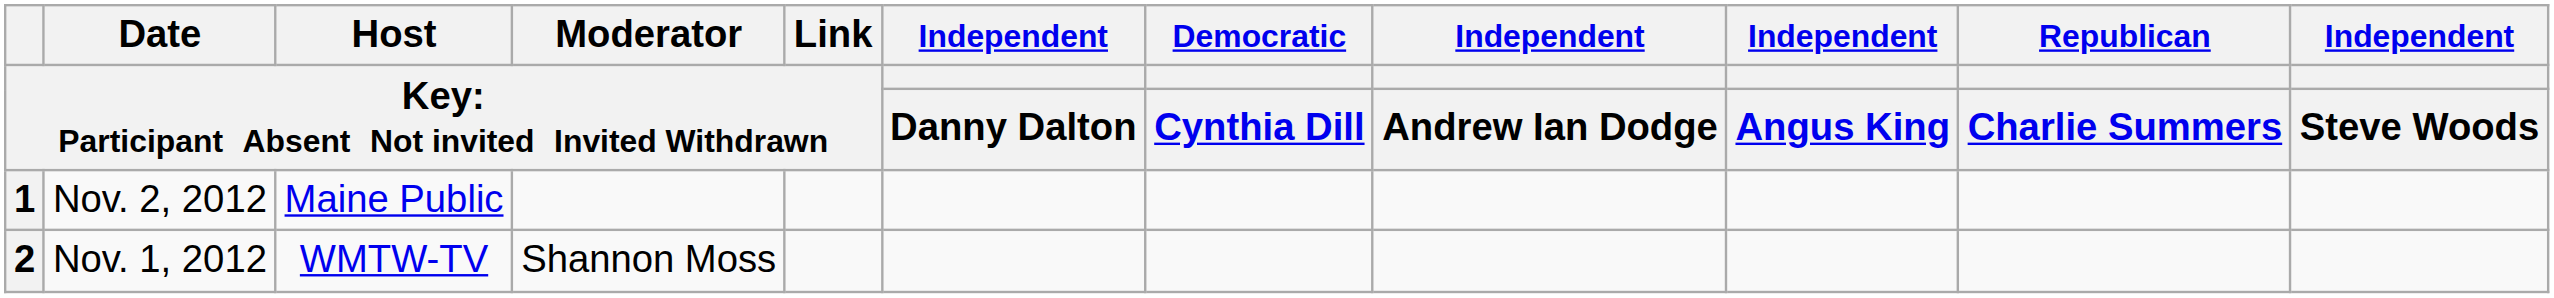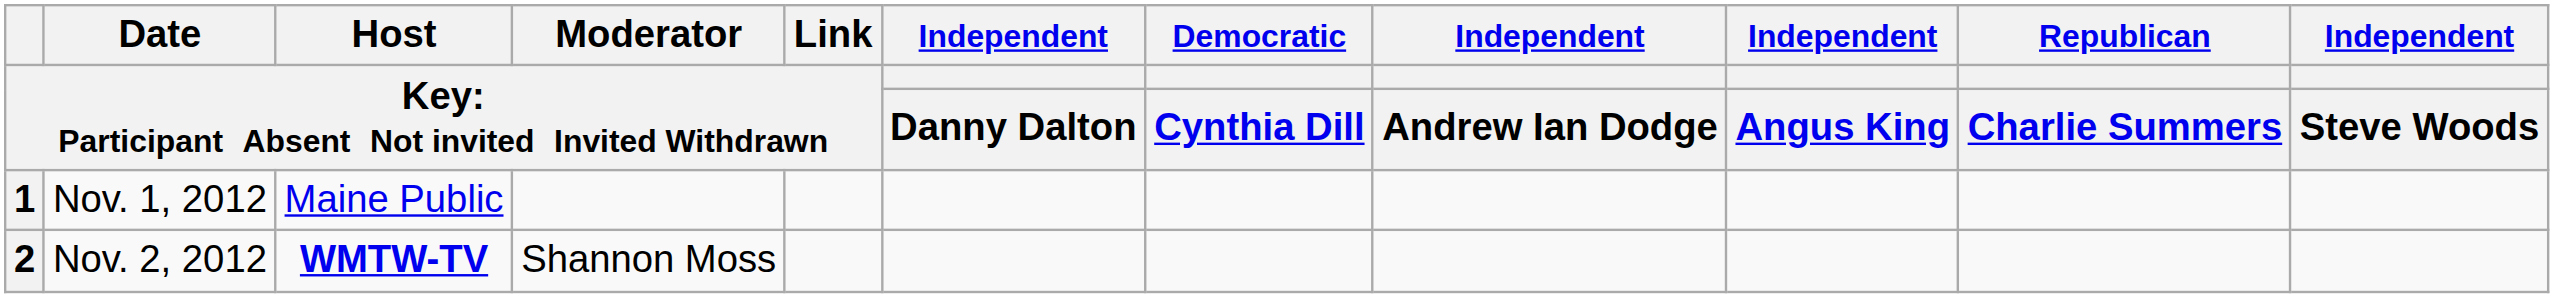 <table class="wikitable" style="text-align:center;">
 <tr>
 <th scope="col"></th>
 <th scope="col">Date</th>
 <th scope="col">Host</th>
 <th scope="col">Moderator</th>
 <th scope="col">Link</th>
 <th scope="col"><small><a href='#'>Independent</a></small></th>
 <th scope="col"><small><a href='#'>Democratic</a></small></th>
 <th scope="col"><small><a href='#'>Independent</a></small></th>
 <th scope="col"><small><a href='#'>Independent</a></small></th>
 <th scope="col"><small><a href='#'>Republican</a></small></th>
 <th scope="col"><small><a href='#'>Independent</a></small></th>
 </tr>
 <tr>
 <th colspan="5" rowspan="2">Key:<br> <small>Participant </small>  <small>Absent </small>  <small>Not invited </small>  <small>Invited  Withdrawn</small></th>
 <th scope="col" style="background:"></th>
 <th scope="col" style="background:"></th>
 <th scope="col" style="background:"></th>
 <th scope="col" style="background:"></th>
 <th scope="col" style="background:"></th>
 <th scope="col" style="background:"></th>
 </tr>
 <tr>
 <th scope="col">Danny Dalton</th>
 <th scope="col"><a href='#'>Cynthia Dill</a></th>
 <th scope="col">Andrew Ian Dodge</th>
 <th scope="col"><a href='#'>Angus King</a></th>
 <th scope="col"><a href='#'>Charlie Summers</a></th>
 <th scope="col">Steve Woods</th>
 </tr>
 <tr>
 <th>1</th>
-<td style="white-space:nowrap;">Nov. 2, 2012</td>
+<td style="white-space:nowrap;">Nov. 1, 2012</td>
 <td style="white-space:nowrap;"><a href='#'>Maine Public</a></td>
 <td style="white-space:nowrap;"></td>
 <td style="white-space:nowrap;"></td>
 <td></td>
 <td></td>
 <td></td>
 <td></td>
 <td></td>
 <td></td>
 </tr>
 <tr>
 <th>2</th>
-<td style="white-space:nowrap;">Nov. 1, 2012</td>
-<td style="white-space:nowrap;"><a href='#'>WMTW-TV</a></td>
+<td style="white-space:nowrap;">Nov. 2, 2012</td>
+<td style="white-space:nowrap;"><strong><a href='#'>WMTW-TV</a></strong></td>
 <td style="white-space:nowrap;">Shannon Moss</td>
 <td style="white-space:nowrap;"></td>
 <td></td>
 <td></td>
 <td></td>
 <td></td>
 <td></td>
 <td></td>
 </tr>
 </table>
